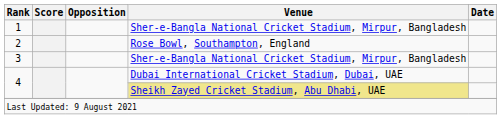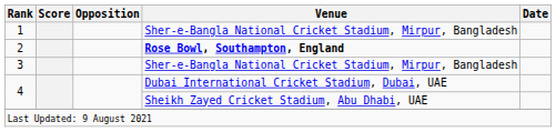 <table class="wikitable plainrowheaders sortable">
 <tr>
 <th scope=col>Rank</th>
 <th scope=col>Score</th>
 <th scope=col>Opposition</th>
 <th scope=col>Venue</th>
 <th scope=col>Date</th>
 </tr>
 <tr>
 <td align=center>1</td>
 <th scope=row style=text-align:center;><strong></strong></th>
 <td></td>
 <td><a href='#'>Sher-e-Bangla National Cricket Stadium</a>, <a href='#'>Mirpur</a>, Bangladesh</td>
 <td></td>
 </tr>
 <tr>
 <td align=center>2</td>
 <th scope=row style=text-align:center;><strong></strong></th>
 <td></td>
-<td><a href='#'>Rose Bowl</a>, <a href='#'>Southampton</a>, England</td>
+<td><strong><a href='#'>Rose Bowl</a>, <a href='#'>Southampton</a>, England</strong></td>
 <td></td>
 </tr>
 <tr>
 <td align=center>3</td>
 <th scope=row style=text-align:center;><strong></strong></th>
 <td></td>
 <td><a href='#'>Sher-e-Bangla National Cricket Stadium</a>, <a href='#'>Mirpur</a>, Bangladesh</td>
 <td> </td>
 </tr>
 <tr>
 <td align=center rowspan=2>4</td>
 <th scope=row style=text-align:center; rowspan=2><strong></strong></th>
 <td rowspan=2></td>
 <td><a href='#'>Dubai International Cricket Stadium</a>, <a href='#'>Dubai</a>, UAE</td>
 <td></td>
 </tr>
 <tr>
-<td style="background: khaki;"><a href='#'>Sheikh Zayed Cricket Stadium</a>, <a href='#'>Abu Dhabi</a>, UAE</td>
+<td><a href='#'>Sheikh Zayed Cricket Stadium</a>, <a href='#'>Abu Dhabi</a>, UAE</td>
 <td></td>
 </tr>
 <tr>
 </tr>
 <tr class="sortbottom">
 <td colspan="5"><small>Last Updated: 9 August 2021</small></td>
 </tr>
 </table>
